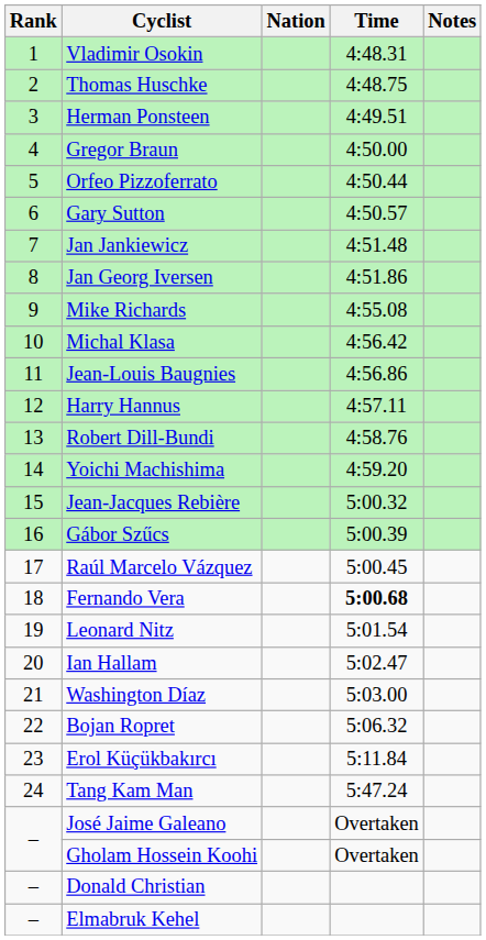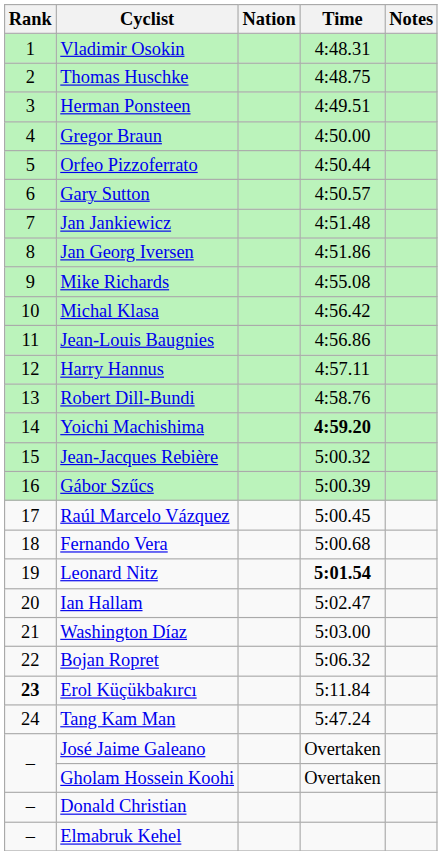 <table class="wikitable sortable" style=text-align:center>
 <tr>
 <th>Rank</th>
 <th>Cyclist</th>
 <th>Nation</th>
 <th>Time</th>
 <th>Notes</th>
 </tr>
 <tr bgcolor=bbf3bb>
 <td>1</td>
 <td align=left data-sort-value="Osokin, Vladimir"><a href='#'>Vladimir Osokin</a></td>
 <td align=left></td>
 <td>4:48.31</td>
 <td></td>
 </tr>
 <tr bgcolor=bbf3bb>
 <td>2</td>
 <td align=left data=sort-value="Huschke, Thomas"><a href='#'>Thomas Huschke</a></td>
 <td align=left></td>
 <td>4:48.75</td>
 <td></td>
 </tr>
 <tr bgcolor=bbf3bb>
 <td>3</td>
 <td align=left data=sort-value="Ponsteen, Herman"><a href='#'>Herman Ponsteen</a></td>
 <td align=left></td>
 <td>4:49.51</td>
 <td></td>
 </tr>
 <tr bgcolor=bbf3bb>
 <td>4</td>
 <td align=left data=sort-value="Braun, Gregor"><a href='#'>Gregor Braun</a></td>
 <td align=left></td>
 <td>4:50.00</td>
 <td></td>
 </tr>
 <tr bgcolor=bbf3bb>
 <td>5</td>
 <td align=left data=sort-value="Pizzoferrato, Orfeo"><a href='#'>Orfeo Pizzoferrato</a></td>
 <td align=left></td>
 <td>4:50.44</td>
 <td></td>
 </tr>
 <tr bgcolor=bbf3bb>
 <td>6</td>
 <td align=left data=sort-value="Sutton, Gary"><a href='#'>Gary Sutton</a></td>
 <td align=left></td>
 <td>4:50.57</td>
 <td></td>
 </tr>
 <tr bgcolor=bbf3bb>
 <td>7</td>
 <td align=left data=sort-value="Jankiewicz, Jan"><a href='#'>Jan Jankiewicz</a></td>
 <td align=left></td>
 <td>4:51.48</td>
 <td></td>
 </tr>
 <tr bgcolor=bbf3bb>
 <td>8</td>
 <td align=left data=sort-value="Iversen, Jan Georg"><a href='#'>Jan Georg Iversen</a></td>
 <td align=left></td>
 <td>4:51.86</td>
 <td></td>
 </tr>
 <tr bgcolor=bbf3bb>
 <td>9</td>
 <td align=left data=sort-value="Richards, Mike"><a href='#'>Mike Richards</a></td>
 <td align=left></td>
 <td>4:55.08</td>
 <td></td>
 </tr>
 <tr bgcolor=bbf3bb>
 <td>10</td>
 <td align=left data=sort-value="Klasa, Michal"><a href='#'>Michal Klasa</a></td>
 <td align=left></td>
 <td>4:56.42</td>
 <td></td>
 </tr>
 <tr bgcolor=bbf3bb>
 <td>11</td>
 <td align=left data=sort-value="Baugnies, Jean-Louis"><a href='#'>Jean-Louis Baugnies</a></td>
 <td align=left></td>
 <td>4:56.86</td>
 <td></td>
 </tr>
 <tr bgcolor=bbf3bb>
 <td>12</td>
 <td align=left data=sort-value="Hannus, Harry"><a href='#'>Harry Hannus</a></td>
 <td align=left></td>
 <td>4:57.11</td>
 <td></td>
 </tr>
 <tr bgcolor=bbf3bb>
 <td>13</td>
 <td align=left data=sort-value="Dill-Bundi, Robert"><a href='#'>Robert Dill-Bundi</a></td>
 <td align=left></td>
 <td>4:58.76</td>
 <td></td>
 </tr>
 <tr bgcolor=bbf3bb>
 <td>14</td>
 <td align=left data=sort-value="Machishima, Yoichi"><a href='#'>Yoichi Machishima</a></td>
 <td align=left></td>
-<td>4:59.20</td>
+<td><strong>4:59.20</strong></td>
 <td></td>
 </tr>
 <tr bgcolor=bbf3bb>
 <td>15</td>
 <td align=left data=sort-value="Rebière, Jean-Jacques"><a href='#'>Jean-Jacques Rebière</a></td>
 <td align=left></td>
 <td>5:00.32</td>
 <td></td>
 </tr>
 <tr bgcolor=bbf3bb>
 <td>16</td>
 <td align=left data=sort-value="Szűcs, Gábor"><a href='#'>Gábor Szűcs</a></td>
 <td align=left></td>
 <td>5:00.39</td>
 <td></td>
 </tr>
 <tr>
 <td>17</td>
 <td align=left data=sort-value="Vázquez, Raúl Marcelo"><a href='#'>Raúl Marcelo Vázquez</a></td>
 <td align=left></td>
 <td>5:00.45</td>
 <td></td>
 </tr>
 <tr>
 <td>18</td>
 <td align=left data=sort-value="Vera, Fernando"><a href='#'>Fernando Vera</a></td>
 <td align=left></td>
-<td><strong>5:00.68</strong></td>
+<td>5:00.68</td>
 <td></td>
 </tr>
 <tr>
 <td>19</td>
 <td align=left data=sort-value="Nitz, Leonard"><a href='#'>Leonard Nitz</a></td>
 <td align=left></td>
-<td>5:01.54</td>
+<td><strong>5:01.54</strong></td>
 <td></td>
 </tr>
 <tr>
 <td>20</td>
 <td align=left data=sort-value="Hallam, Ian"><a href='#'>Ian Hallam</a></td>
 <td align=left></td>
 <td>5:02.47</td>
 <td></td>
 </tr>
 <tr>
 <td>21</td>
 <td align=left data=sort-value="Díaz, Washington"><a href='#'>Washington Díaz</a></td>
 <td align=left></td>
 <td>5:03.00</td>
 <td></td>
 </tr>
 <tr>
 <td>22</td>
 <td align=left data=sort-value="Ropret, Bojan"><a href='#'>Bojan Ropret</a></td>
 <td align=left></td>
 <td>5:06.32</td>
 <td></td>
 </tr>
 <tr>
-<td>23</td>
+<td><strong>23</strong></td>
 <td align=left data=sort-value="Küçükbakırcı, Erol"><a href='#'>Erol Küçükbakırcı</a></td>
 <td align=left></td>
 <td>5:11.84</td>
 <td></td>
 </tr>
 <tr>
 <td>24</td>
 <td align=left><a href='#'>Tang Kam Man</a></td>
 <td align=left></td>
 <td>5:47.24</td>
 <td></td>
 </tr>
 <tr>
 <td data-sort-value=25 rowspan=2>–</td>
 <td align=left data=sort-value="Galeano, José Jaime"><a href='#'>José Jaime Galeano</a></td>
 <td align=left></td>
 <td>Overtaken</td>
 <td></td>
 </tr>
 <tr>
 <td align=left data=sort-value="Koohi, Gholam Hossein"><a href='#'>Gholam Hossein Koohi</a></td>
 <td align=left></td>
 <td>Overtaken</td>
 <td></td>
 </tr>
 <tr>
 <td data-sort-value=27>–</td>
 <td align=left data=sort-value="Christian, Donald"><a href='#'>Donald Christian</a></td>
 <td align=left></td>
 <td></td>
 <td></td>
 </tr>
 <tr>
 <td data-sort-value=28>–</td>
 <td align=left data=sort-value="Kehel, Elmabruk"><a href='#'>Elmabruk Kehel</a></td>
 <td align=left></td>
 <td></td>
 <td></td>
 </tr>
 </table>
